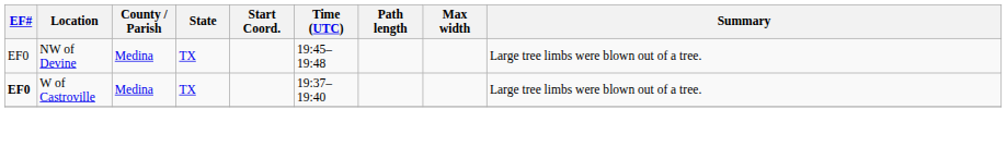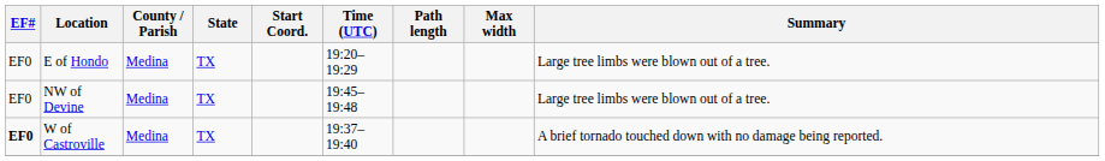 <table class="wikitable sortable" style="width:100%;">
 <tr>
 <th scope="col"  style="width:3%; text-align:center;"><a href='#'>EF#</a></th>
 <th scope="col"  style="width:7%; text-align:center;" class="unsortable">Location</th>
 <th scope="col"  style="width:6%; text-align:center;" class="unsortable">County / Parish</th>
 <th scope="col"  style="width:5%; text-align:center;">State</th>
 <th scope="col"  style="width:6%; text-align:center;">Start Coord.</th>
 <th scope="col"  style="width:6%; text-align:center;">Time (<a href='#'>UTC</a>)</th>
 <th scope="col"  style="width:6%; text-align:center;">Path length</th>
 <th scope="col"  style="width:6%; text-align:center;">Max width</th>
 <th scope="col" class="unsortable" style="width:48%; text-align:center;">Summary</th>
+</tr>
+<tr>
+<td>EF0</td>
+<td>E of <a href='#'>Hondo</a></td>
+<td><a href='#'>Medina</a></td>
+<td><a href='#'>TX</a></td>
+<td></td>
+<td>19:20–19:29</td>
+<td></td>
+<td></td>
+<td>Large tree limbs were blown out of a tree.</td>
 </tr>
 <tr>
 <td>EF0</td>
 <td>NW of <a href='#'>Devine</a></td>
 <td><a href='#'>Medina</a></td>
 <td><a href='#'>TX</a></td>
 <td></td>
 <td>19:45–19:48</td>
 <td></td>
 <td></td>
 <td>Large tree limbs were blown out of a tree.</td>
 </tr>
 <tr>
 <td><strong>EF0</strong></td>
 <td>W of <a href='#'>Castroville</a></td>
 <td><a href='#'>Medina</a></td>
 <td><a href='#'>TX</a></td>
 <td></td>
 <td>19:37–19:40</td>
 <td></td>
 <td></td>
-<td>Large tree limbs were blown out of a tree.</td>
+<td>A brief tornado touched down with no damage being reported.</td>
 </tr>
 <tr>
 </tr>
 </table>
